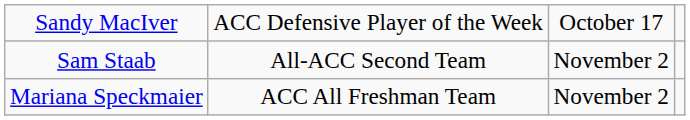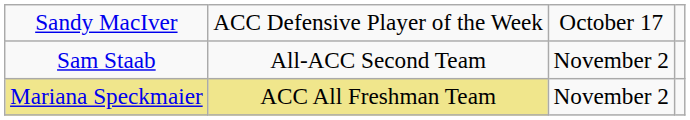 <table class="wikitable sortable" style="text-align: center">
 <tr>
 <td><a href='#'>Sandy MacIver</a></td>
 <td>ACC Defensive Player of the Week</td>
 <td>October 17</td>
 <td></td>
 </tr>
 <tr>
 <td><a href='#'>Sam Staab</a></td>
 <td>All-ACC Second Team</td>
 <td>November 2</td>
 <td></td>
 </tr>
 <tr>
-<td><a href='#'>Mariana Speckmaier</a></td>
-<td>ACC All Freshman Team</td>
+<td style="background: khaki;"><a href='#'>Mariana Speckmaier</a></td>
+<td style="background: khaki;">ACC All Freshman Team</td>
 <td>November 2</td>
 <td></td>
 </tr>
 </table>
